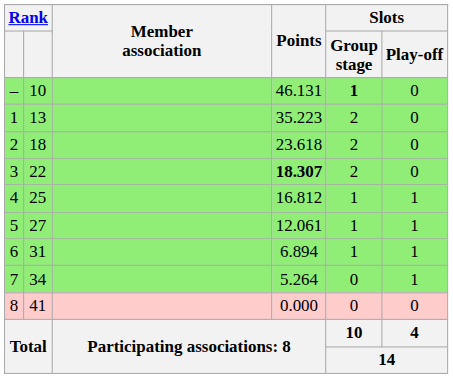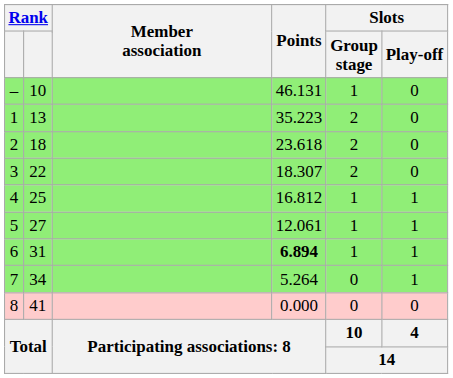 <table class="wikitable" style="text-align:center">
 <tr>
 </tr>
 <tr>
 <th colspan=2 rowspan=2><a href='#'>Rank</a></th>
 <th rowspan=3 width=200>Member<br>association</th>
 <th rowspan=3>Points</th>
 <th colspan=2>Slots</th>
 </tr>
 <tr>
 <th rowspan=2>Group<br>stage</th>
 <th rowspan=2>Play-off</th>
 </tr>
 <tr>
 <th></th>
 <th></th>
 </tr>
 <tr bgcolor=#90ee77>
 <td>–</td>
 <td>10</td>
 <td align=left></td>
 <td>46.131</td>
-<td><strong>1</strong></td>
+<td>1</td>
 <td>0</td>
 </tr>
 <tr bgcolor=#90ee77>
 <td>1</td>
 <td>13</td>
 <td align=left></td>
 <td>35.223</td>
 <td>2</td>
 <td>0</td>
 </tr>
 <tr bgcolor=#90ee77>
 <td>2</td>
 <td>18</td>
 <td align=left></td>
 <td>23.618</td>
 <td>2</td>
 <td>0</td>
 </tr>
 <tr bgcolor=#90ee77>
 <td>3</td>
 <td>22</td>
 <td align=left></td>
-<td><strong>18.307</strong></td>
+<td>18.307</td>
 <td>2</td>
 <td>0</td>
 </tr>
 <tr bgcolor=#90ee77>
 <td>4</td>
 <td>25</td>
 <td align=left></td>
 <td>16.812</td>
 <td>1</td>
 <td>1</td>
 </tr>
 <tr bgcolor=#90ee77>
 <td>5</td>
 <td>27</td>
 <td align=left></td>
 <td>12.061</td>
 <td>1</td>
 <td>1</td>
 </tr>
 <tr bgcolor=#90ee77>
 <td>6</td>
 <td>31</td>
 <td align=left></td>
-<td>6.894</td>
+<td><strong>6.894</strong></td>
 <td>1</td>
 <td>1</td>
 </tr>
 <tr bgcolor=#90ee77>
 <td>7</td>
 <td>34</td>
 <td align=left></td>
 <td>5.264</td>
 <td>0</td>
 <td>1</td>
 </tr>
 <tr bgcolor=#ffcccc>
 <td>8</td>
 <td>41</td>
 <td align=left></td>
 <td>0.000</td>
 <td>0</td>
 <td>0</td>
 </tr>
 <tr>
 <th colspan=2 rowspan=2>Total</th>
 <th colspan=2 rowspan=2>Participating associations: 8</th>
 <th>10</th>
 <th>4</th>
 </tr>
 <tr>
 <th colspan=2>14</th>
 </tr>
 </table>
